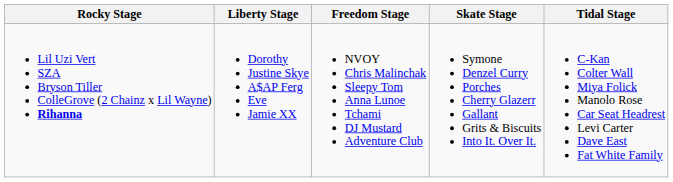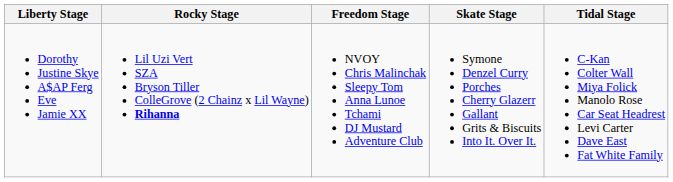 <table class="wikitable">
 <tr>
+<th>Liberty Stage</th>
 <th>Rocky Stage</th>
-<th>Liberty Stage</th>
 <th>Freedom Stage</th>
 <th>Skate Stage</th>
 <th>Tidal Stage</th>
 </tr>
 <tr valign="top">
+<td><br><ul><li><a href='#'>Dorothy</a></li><li><a href='#'>Justine Skye</a></li><li><a href='#'>A$AP Ferg</a></li><li><a href='#'>Eve</a></li><li><a href='#'>Jamie XX</a></li></ul></td>
 <td><br><ul><li><a href='#'>Lil Uzi Vert</a></li><li><a href='#'>SZA</a></li><li><a href='#'>Bryson Tiller</a></li><li><a href='#'>ColleGrove</a> (<a href='#'>2 Chainz</a> x <a href='#'>Lil Wayne</a>)</li><li><strong><a href='#'>Rihanna</a></strong></li></ul></td>
-<td><br><ul><li><a href='#'>Dorothy</a></li><li><a href='#'>Justine Skye</a></li><li><a href='#'>A$AP Ferg</a></li><li><a href='#'>Eve</a></li><li><a href='#'>Jamie XX</a></li></ul></td>
 <td><br><ul><li>NVOY</li><li><a href='#'>Chris Malinchak</a></li><li><a href='#'>Sleepy Tom</a></li><li><a href='#'>Anna Lunoe</a></li><li><a href='#'>Tchami</a></li><li><a href='#'>DJ Mustard</a></li><li><a href='#'>Adventure Club</a></li></ul></td>
 <td><br><ul><li>Symone</li><li><a href='#'>Denzel Curry</a></li><li><a href='#'>Porches</a></li><li><a href='#'>Cherry Glazerr</a></li><li><a href='#'>Gallant</a></li><li>Grits & Biscuits</li><li><a href='#'>Into It. Over It.</a></li></ul></td>
 <td><br><ul><li><a href='#'>C-Kan</a></li><li><a href='#'>Colter Wall</a></li><li><a href='#'>Miya Folick</a></li><li>Manolo Rose</li><li><a href='#'>Car Seat Headrest</a></li><li>Levi Carter</li><li><a href='#'>Dave East</a></li><li><a href='#'>Fat White Family</a></li></ul></td>
 </tr>
 </table>
